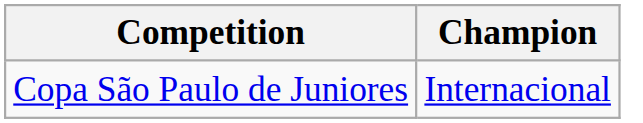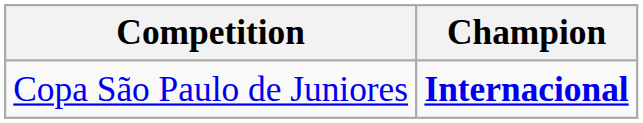 <table class="wikitable">
 <tr>
 <th>Competition</th>
 <th>Champion</th>
 </tr>
 <tr>
 <td><a href='#'>Copa São Paulo de Juniores</a></td>
-<td><a href='#'>Internacional</a></td>
+<td><strong><a href='#'>Internacional</a></strong></td>
 </tr>
 </table>
